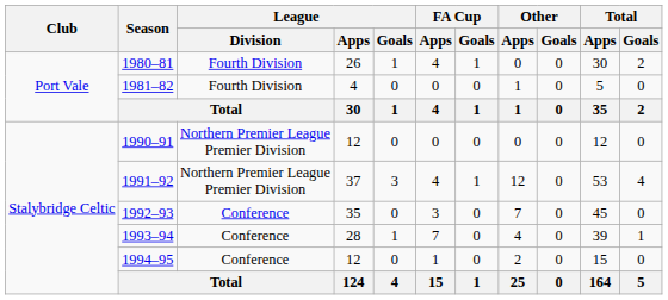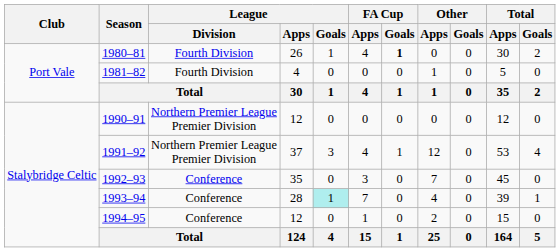 <table class="wikitable" style="text-align: center;">
 <tr>
 <th rowspan="2">Club</th>
 <th rowspan="2">Season</th>
 <th colspan="3">League</th>
 <th colspan="2">FA Cup</th>
 <th colspan="2">Other</th>
 <th colspan="2">Total</th>
 </tr>
 <tr>
 <th>Division</th>
 <th>Apps</th>
 <th>Goals</th>
 <th>Apps</th>
 <th>Goals</th>
 <th>Apps</th>
 <th>Goals</th>
 <th>Apps</th>
 <th>Goals</th>
 </tr>
 <tr>
 <td rowspan="3"><a href='#'>Port Vale</a></td>
 <td><a href='#'>1980–81</a></td>
 <td><a href='#'>Fourth Division</a></td>
 <td>26</td>
 <td>1</td>
 <td>4</td>
-<td>1</td>
+<td><strong>1</strong></td>
 <td>0</td>
 <td>0</td>
 <td>30</td>
 <td>2</td>
 </tr>
 <tr>
 <td><a href='#'>1981–82</a></td>
 <td>Fourth Division</td>
 <td>4</td>
 <td>0</td>
 <td>0</td>
 <td>0</td>
 <td>1</td>
 <td>0</td>
 <td>5</td>
 <td>0</td>
 </tr>
 <tr>
 <th colspan="2">Total</th>
 <th>30</th>
 <th>1</th>
 <th>4</th>
 <th>1</th>
 <th>1</th>
 <th>0</th>
 <th>35</th>
 <th>2</th>
 </tr>
 <tr>
 <td rowspan="6"><a href='#'>Stalybridge Celtic</a></td>
 <td><a href='#'>1990–91</a></td>
 <td><a href='#'>Northern Premier League</a><br>Premier Division</td>
 <td>12</td>
 <td>0</td>
 <td>0</td>
 <td>0</td>
 <td>0</td>
 <td>0</td>
 <td>12</td>
 <td>0</td>
 </tr>
 <tr>
 <td><a href='#'>1991–92</a></td>
 <td>Northern Premier League<br>Premier Division</td>
 <td>37</td>
 <td>3</td>
 <td>4</td>
 <td>1</td>
 <td>12</td>
 <td>0</td>
 <td>53</td>
 <td>4</td>
 </tr>
 <tr>
 <td><a href='#'>1992–93</a></td>
 <td><a href='#'>Conference</a></td>
 <td>35</td>
 <td>0</td>
 <td>3</td>
 <td>0</td>
 <td>7</td>
 <td>0</td>
 <td>45</td>
 <td>0</td>
 </tr>
 <tr>
 <td><a href='#'>1993–94</a></td>
 <td>Conference</td>
 <td>28</td>
-<td>1</td>
+<td style="background: paleturquoise;">1</td>
 <td>7</td>
 <td>0</td>
 <td>4</td>
 <td>0</td>
 <td>39</td>
 <td>1</td>
 </tr>
 <tr>
 <td><a href='#'>1994–95</a></td>
 <td>Conference</td>
 <td>12</td>
 <td>0</td>
 <td>1</td>
 <td>0</td>
 <td>2</td>
 <td>0</td>
 <td>15</td>
 <td>0</td>
 </tr>
 <tr>
 <th colspan="2">Total</th>
 <th>124</th>
 <th>4</th>
 <th>15</th>
 <th>1</th>
 <th>25</th>
 <th>0</th>
 <th>164</th>
 <th>5</th>
 </tr>
 </table>
